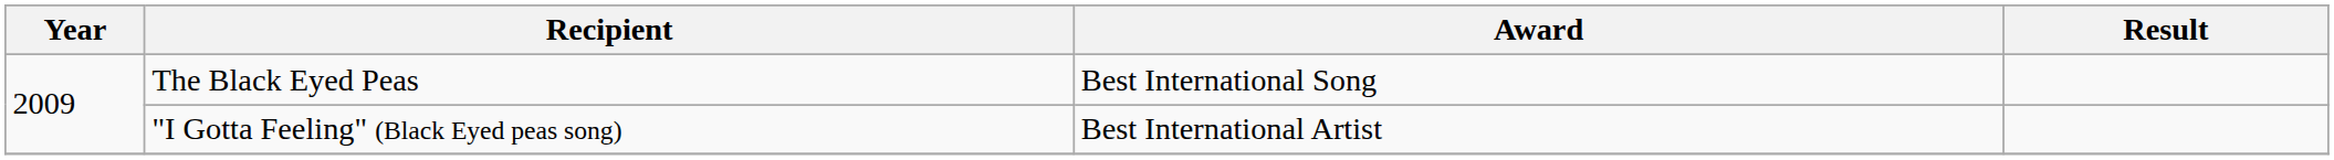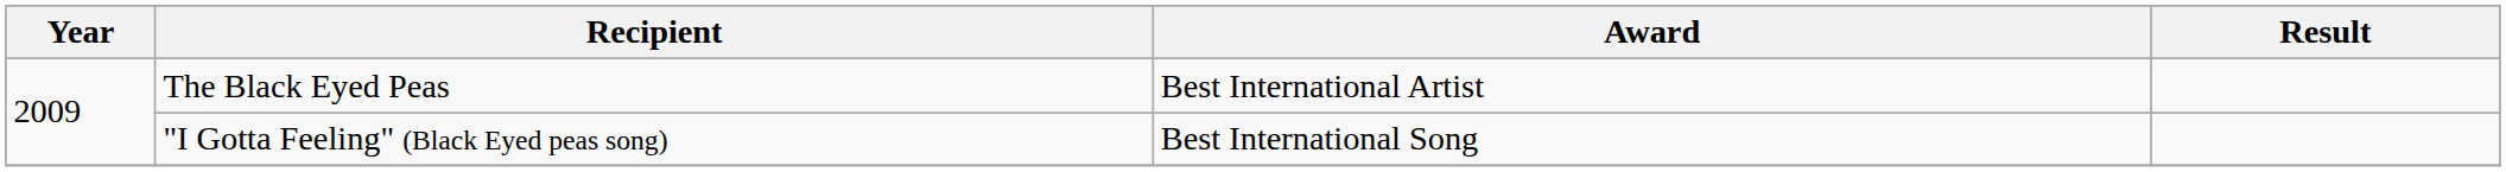 <table style="width: 75%;" class="wikitable">
 <tr>
 <th style="width:6%;">Year</th>
 <th style="width:40%;">Recipient</th>
 <th style="width:40%;">Award</th>
 <th style="width:14%;">Result</th>
 </tr>
 <tr>
 <td align="centre" rowspan="2">2009</td>
 <td>The Black Eyed Peas</td>
-<td>Best International Song</td>
+<td>Best International Artist</td>
 <td></td>
 </tr>
 <tr>
 <td>"I Gotta Feeling" <small>(Black Eyed peas song)</small></td>
-<td>Best International Artist</td>
+<td>Best International Song</td>
 <td></td>
 </tr>
 <tr>
 </tr>
 </table>
